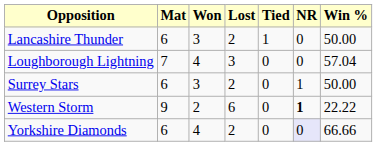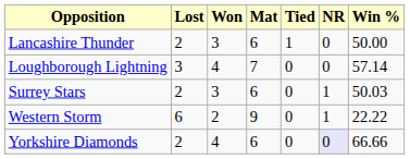 <table class="wikitable sortable">
 <tr>
 <th style="background:#ffc;">Opposition</th>
+<th style="background:#ffc;">Lost</th>
+<th style="background:#ffc;">Won</th>
 <th style="background:#ffc;">Mat</th>
-<th style="background:#ffc;">Won</th>
-<th style="background:#ffc;">Lost</th>
 <th style="background:#ffc;">Tied</th>
 <th style="background:#ffc;">NR</th>
 <th style="background:#ffc;">Win %</th>
 </tr>
 <tr>
 <td><a href='#'>Lancashire Thunder</a></td>
+<td>2</td>
+<td>3</td>
 <td>6</td>
-<td>3</td>
-<td>2</td>
 <td>1</td>
 <td>0</td>
 <td>50.00</td>
 </tr>
 <tr>
 <td><a href='#'>Loughborough Lightning</a></td>
+<td>3</td>
+<td>4</td>
 <td>7</td>
-<td>4</td>
-<td>3</td>
 <td>0</td>
 <td>0</td>
-<td>57.04</td>
+<td>57.14</td>
 </tr>
 <tr>
 <td><a href='#'>Surrey Stars</a></td>
+<td>2</td>
+<td>3</td>
 <td>6</td>
-<td>3</td>
-<td>2</td>
 <td>0</td>
 <td>1</td>
-<td>50.00</td>
+<td>50.03</td>
 </tr>
 <tr>
 <td><a href='#'>Western Storm</a></td>
+<td>6</td>
+<td>2</td>
 <td>9</td>
-<td>2</td>
-<td>6</td>
 <td>0</td>
-<td><strong>1</strong></td>
+<td>1</td>
 <td>22.22</td>
 </tr>
 <tr>
 <td><a href='#'>Yorkshire Diamonds</a></td>
+<td>2</td>
+<td>4</td>
 <td>6</td>
-<td>4</td>
-<td>2</td>
 <td>0</td>
 <td style="background: lavender;">0</td>
 <td>66.66</td>
 </tr>
 </table>
